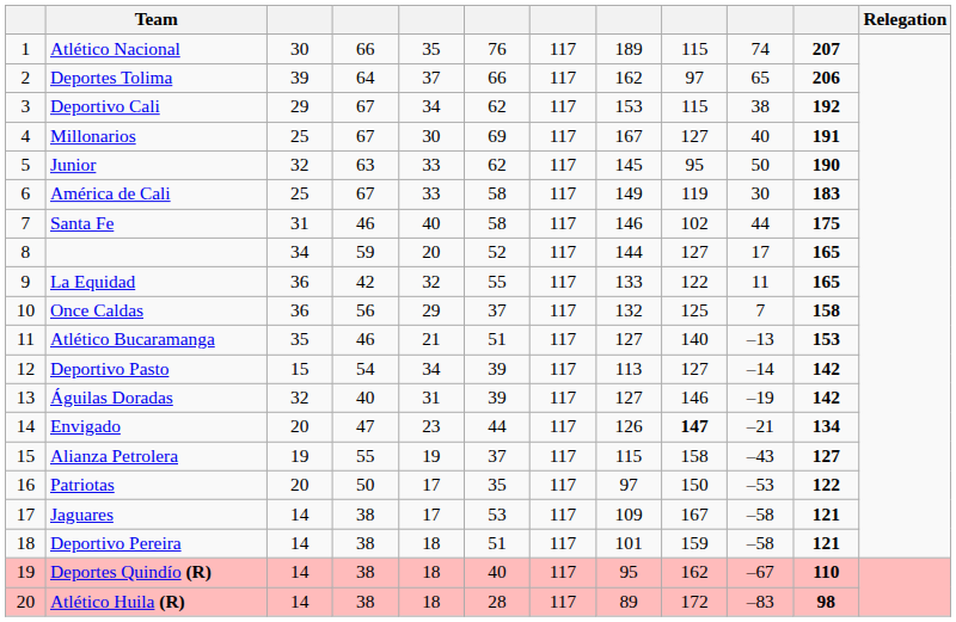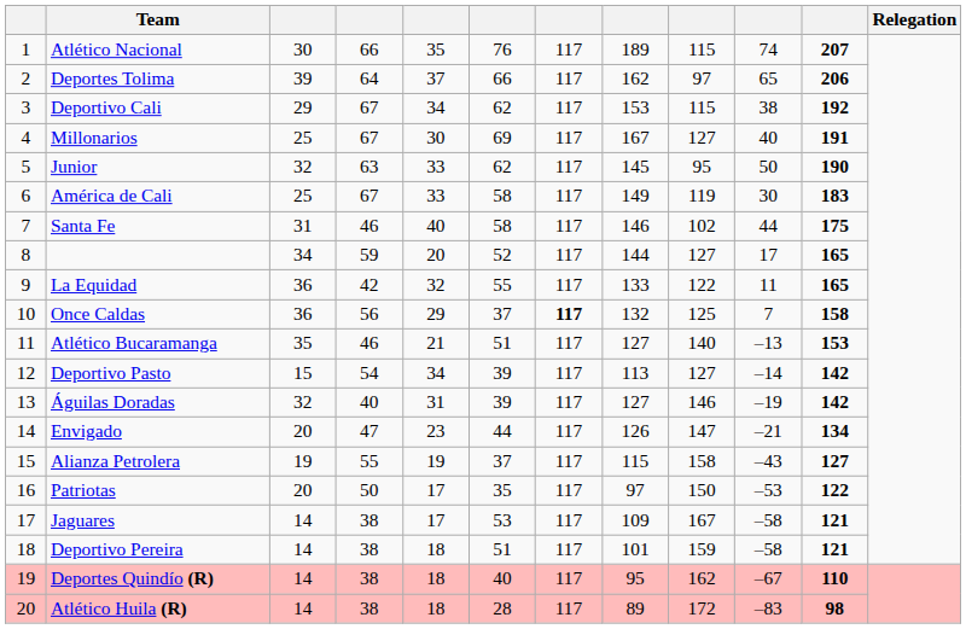 <table class="wikitable" style="text-align: center;">
 <tr>
 <th width=28><br></th>
 <th width=185>Team</th>
 <th width=50></th>
 <th width=50></th>
 <th width=50></th>
 <th width=50></th>
 <th width=50></th>
 <th width=50></th>
 <th width=50></th>
 <th width=50></th>
 <th width=50></th>
 <th>Relegation</th>
 </tr>
 <tr>
 <td>1</td>
 <td align="left"><a href='#'>Atlético Nacional</a></td>
 <td>30</td>
 <td>66</td>
 <td>35</td>
 <td>76</td>
 <td>117</td>
 <td>189</td>
 <td>115</td>
 <td>74</td>
 <td><strong>207</strong></td>
 <td rowspan=18></td>
 </tr>
 <tr>
 <td>2</td>
 <td align="left"><a href='#'>Deportes Tolima</a></td>
 <td>39</td>
 <td>64</td>
 <td>37</td>
 <td>66</td>
 <td>117</td>
 <td>162</td>
 <td>97</td>
 <td>65</td>
 <td><strong>206</strong></td>
 </tr>
 <tr>
 <td>3</td>
 <td align="left"><a href='#'>Deportivo Cali</a></td>
 <td>29</td>
 <td>67</td>
 <td>34</td>
 <td>62</td>
 <td>117</td>
 <td>153</td>
 <td>115</td>
 <td>38</td>
 <td><strong>192</strong></td>
 </tr>
 <tr>
 <td>4</td>
 <td align="left"><a href='#'>Millonarios</a></td>
 <td>25</td>
 <td>67</td>
 <td>30</td>
 <td>69</td>
 <td>117</td>
 <td>167</td>
 <td>127</td>
 <td>40</td>
 <td><strong>191</strong></td>
 </tr>
 <tr>
 <td>5</td>
 <td align="left"><a href='#'>Junior</a></td>
 <td>32</td>
 <td>63</td>
 <td>33</td>
 <td>62</td>
 <td>117</td>
 <td>145</td>
 <td>95</td>
 <td>50</td>
 <td><strong>190</strong></td>
 </tr>
 <tr>
 <td>6</td>
 <td align="left"><a href='#'>América de Cali</a></td>
 <td>25</td>
 <td>67</td>
 <td>33</td>
 <td>58</td>
 <td>117</td>
 <td>149</td>
 <td>119</td>
 <td>30</td>
 <td><strong>183</strong></td>
 </tr>
 <tr>
 <td>7</td>
 <td align="left"><a href='#'>Santa Fe</a></td>
 <td>31</td>
 <td>46</td>
 <td>40</td>
 <td>58</td>
 <td>117</td>
 <td>146</td>
 <td>102</td>
 <td>44</td>
 <td><strong>175</strong></td>
 </tr>
 <tr>
 <td>8</td>
 <td align="left"></td>
 <td>34</td>
 <td>59</td>
 <td>20</td>
 <td>52</td>
 <td>117</td>
 <td>144</td>
 <td>127</td>
 <td>17</td>
 <td><strong>165</strong></td>
 </tr>
 <tr>
 <td>9</td>
 <td align="left"><a href='#'>La Equidad</a></td>
 <td>36</td>
 <td>42</td>
 <td>32</td>
 <td>55</td>
 <td>117</td>
 <td>133</td>
 <td>122</td>
 <td>11</td>
 <td><strong>165</strong></td>
 </tr>
 <tr>
 <td>10</td>
 <td align="left"><a href='#'>Once Caldas</a></td>
 <td>36</td>
 <td>56</td>
 <td>29</td>
 <td>37</td>
-<td>117</td>
+<td><strong>117</strong></td>
 <td>132</td>
 <td>125</td>
 <td>7</td>
 <td><strong>158</strong></td>
 </tr>
 <tr>
 <td>11</td>
 <td align="left"><a href='#'>Atlético Bucaramanga</a></td>
 <td>35</td>
 <td>46</td>
 <td>21</td>
 <td>51</td>
 <td>117</td>
 <td>127</td>
 <td>140</td>
 <td>–13</td>
 <td><strong>153</strong></td>
 </tr>
 <tr>
 <td>12</td>
 <td align="left"><a href='#'>Deportivo Pasto</a></td>
 <td>15</td>
 <td>54</td>
 <td>34</td>
 <td>39</td>
 <td>117</td>
 <td>113</td>
 <td>127</td>
 <td>–14</td>
 <td><strong>142</strong></td>
 </tr>
 <tr>
 <td>13</td>
 <td align="left"><a href='#'>Águilas Doradas</a></td>
 <td>32</td>
 <td>40</td>
 <td>31</td>
 <td>39</td>
 <td>117</td>
 <td>127</td>
 <td>146</td>
 <td>–19</td>
 <td><strong>142</strong></td>
 </tr>
 <tr>
 <td>14</td>
 <td align="left"><a href='#'>Envigado</a></td>
 <td>20</td>
 <td>47</td>
 <td>23</td>
 <td>44</td>
 <td>117</td>
 <td>126</td>
-<td><strong>147</strong></td>
+<td>147</td>
 <td>–21</td>
 <td><strong>134</strong></td>
 </tr>
 <tr>
 <td>15</td>
 <td align="left"><a href='#'>Alianza Petrolera</a></td>
 <td>19</td>
 <td>55</td>
 <td>19</td>
 <td>37</td>
 <td>117</td>
 <td>115</td>
 <td>158</td>
 <td>–43</td>
 <td><strong>127</strong></td>
 </tr>
 <tr>
 <td>16</td>
 <td align="left"><a href='#'>Patriotas</a></td>
 <td>20</td>
 <td>50</td>
 <td>17</td>
 <td>35</td>
 <td>117</td>
 <td>97</td>
 <td>150</td>
 <td>–53</td>
 <td><strong>122</strong></td>
 </tr>
 <tr>
 <td>17</td>
 <td align="left"><a href='#'>Jaguares</a></td>
 <td>14</td>
 <td>38</td>
 <td>17</td>
 <td>53</td>
 <td>117</td>
 <td>109</td>
 <td>167</td>
 <td>–58</td>
 <td><strong>121</strong></td>
 </tr>
 <tr>
 <td>18</td>
 <td align="left"><a href='#'>Deportivo Pereira</a></td>
 <td>14</td>
 <td>38</td>
 <td>18</td>
 <td>51</td>
 <td>117</td>
 <td>101</td>
 <td>159</td>
 <td>–58</td>
 <td><strong>121</strong></td>
 </tr>
 <tr bgcolor=#FFBBBB>
 <td>19</td>
 <td align="left"><a href='#'>Deportes Quindío</a> <strong>(R)</strong></td>
 <td>14</td>
 <td>38</td>
 <td>18</td>
 <td>40</td>
 <td>117</td>
 <td>95</td>
 <td>162</td>
 <td>–67</td>
 <td><strong>110</strong></td>
 <td rowspan=2></td>
 </tr>
 <tr bgcolor=#FFBBBB>
 <td>20</td>
 <td align="left"><a href='#'>Atlético Huila</a> <strong>(R)</strong></td>
 <td>14</td>
 <td>38</td>
 <td>18</td>
 <td>28</td>
 <td>117</td>
 <td>89</td>
 <td>172</td>
 <td>–83</td>
 <td><strong>98</strong></td>
 </tr>
 </table>
